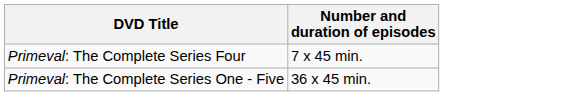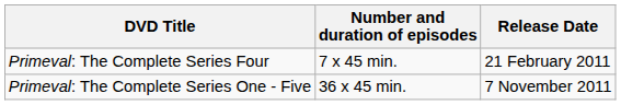 <table class="wikitable">
 <tr>
 <th>DVD Title</th>
 <th>Number and<br>duration of episodes</th>
+<th>Release Date</th>
 </tr>
 <tr>
 <td><em>Primeval</em>: The Complete Series Four</td>
 <td>7 x 45 min.</td>
+<td>21 February 2011</td>
 </tr>
 <tr>
 <td><em>Primeval</em>: The Complete Series One - Five</td>
 <td>36 x 45 min.</td>
+<td>7 November 2011</td>
 </tr>
 </table>
